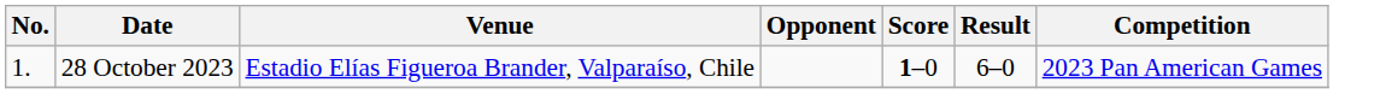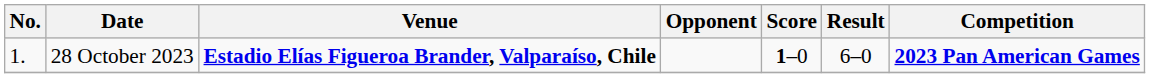 <table class="wikitable">
 <tr>
 <th>No.</th>
 <th>Date</th>
 <th>Venue</th>
 <th>Opponent</th>
 <th>Score</th>
 <th>Result</th>
 <th>Competition</th>
 </tr>
 <tr>
 <td>1.</td>
 <td>28 October 2023</td>
-<td><a href='#'>Estadio Elías Figueroa Brander</a>, <a href='#'>Valparaíso</a>, Chile</td>
+<td><strong><a href='#'>Estadio Elías Figueroa Brander</a>, <a href='#'>Valparaíso</a>, Chile</strong></td>
 <td></td>
 <td align=center><strong>1</strong>–0</td>
 <td align=center>6–0</td>
-<td><a href='#'>2023 Pan American Games</a></td>
+<td><strong><a href='#'>2023 Pan American Games</a></strong></td>
 </tr>
 <tr>
 </tr>
 </table>
